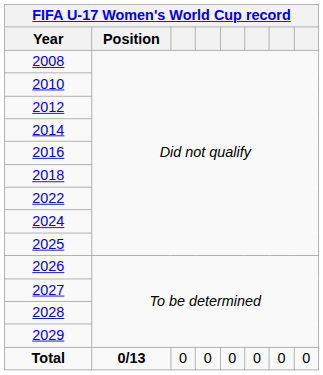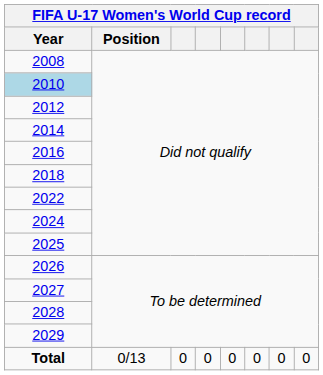 <table class="wikitable" style="text-align: center;">
 <tr>
 <th colspan="9"><a href='#'>FIFA U-17 Women's World Cup record</a></th>
 </tr>
 <tr>
 <th width="90">Year</th>
 <th width="80">Position</th>
 <th width="20"></th>
 <th width="20"></th>
 <th width="20"></th>
 <th width="20"></th>
 <th width="20"></th>
 <th width="20"></th>
 </tr>
 <tr>
 <td> <a href='#'>2008</a></td>
 <td rowspan=9 colspan=7><em>Did not qualify</em></td>
 </tr>
 <tr>
-<td> <a href='#'>2010</a></td>
+<td style="background: lightblue;"> <a href='#'>2010</a></td>
 </tr>
 <tr>
 <td> <a href='#'>2012</a></td>
 </tr>
 <tr>
 <td> <a href='#'>2014</a></td>
 </tr>
 <tr>
 <td> <a href='#'>2016</a></td>
 </tr>
 <tr>
 <td> <a href='#'>2018</a></td>
 </tr>
 <tr>
 <td> <a href='#'>2022</a></td>
 </tr>
 <tr>
 <td> <a href='#'>2024</a></td>
 </tr>
 <tr>
 <td> <a href='#'>2025</a></td>
 </tr>
 <tr>
 <td> <a href='#'>2026</a></td>
 <td rowspan=4 colspan=7><em>To be determined</em></td>
 </tr>
 <tr>
 <td> <a href='#'>2027</a></td>
 </tr>
 <tr>
 <td> <a href='#'>2028</a></td>
 </tr>
 <tr>
 <td> <a href='#'>2029</a></td>
 </tr>
 <tr>
 <td><strong>Total</strong></td>
-<td><strong>0/13</strong></td>
+<td>0/13</td>
 <td>0</td>
 <td>0</td>
 <td>0</td>
 <td>0</td>
 <td>0</td>
 <td>0</td>
 </tr>
 </table>
